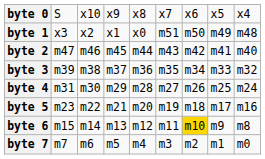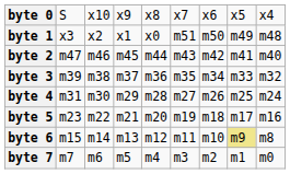 <table class="wikitable">
 <tr>
 <th>byte 0</th>
 <td>S</td>
 <td>x10</td>
 <td>x9</td>
 <td>x8</td>
 <td>x7</td>
 <td>x6</td>
 <td>x5</td>
 <td>x4</td>
 </tr>
 <tr>
 <th>byte 1</th>
 <td>x3</td>
 <td>x2</td>
 <td>x1</td>
 <td>x0</td>
 <td>m51</td>
 <td>m50</td>
 <td>m49</td>
 <td>m48</td>
 </tr>
 <tr>
 <th>byte 2</th>
 <td>m47</td>
 <td>m46</td>
 <td>m45</td>
 <td>m44</td>
 <td>m43</td>
 <td>m42</td>
 <td>m41</td>
 <td>m40</td>
 </tr>
 <tr>
 <th>byte 3</th>
 <td>m39</td>
 <td>m38</td>
 <td>m37</td>
 <td>m36</td>
 <td>m35</td>
 <td>m34</td>
 <td>m33</td>
 <td>m32</td>
 </tr>
 <tr>
 <th>byte 4</th>
 <td>m31</td>
 <td>m30</td>
 <td>m29</td>
 <td>m28</td>
 <td>m27</td>
 <td>m26</td>
 <td>m25</td>
 <td>m24</td>
 </tr>
 <tr>
 <th>byte 5</th>
 <td>m23</td>
 <td>m22</td>
 <td>m21</td>
 <td>m20</td>
 <td>m19</td>
 <td>m18</td>
 <td>m17</td>
 <td>m16</td>
 </tr>
 <tr>
 <th>byte 6</th>
 <td>m15</td>
 <td>m14</td>
 <td>m13</td>
 <td>m12</td>
 <td>m11</td>
-<td style="background: gold;">m10</td>
-<td>m9</td>
+<td>m10</td>
+<td style="background: khaki;">m9</td>
 <td>m8</td>
 </tr>
 <tr>
 <th>byte 7</th>
 <td>m7</td>
 <td>m6</td>
 <td>m5</td>
 <td>m4</td>
 <td>m3</td>
 <td>m2</td>
 <td>m1</td>
 <td>m0</td>
 </tr>
 </table>
